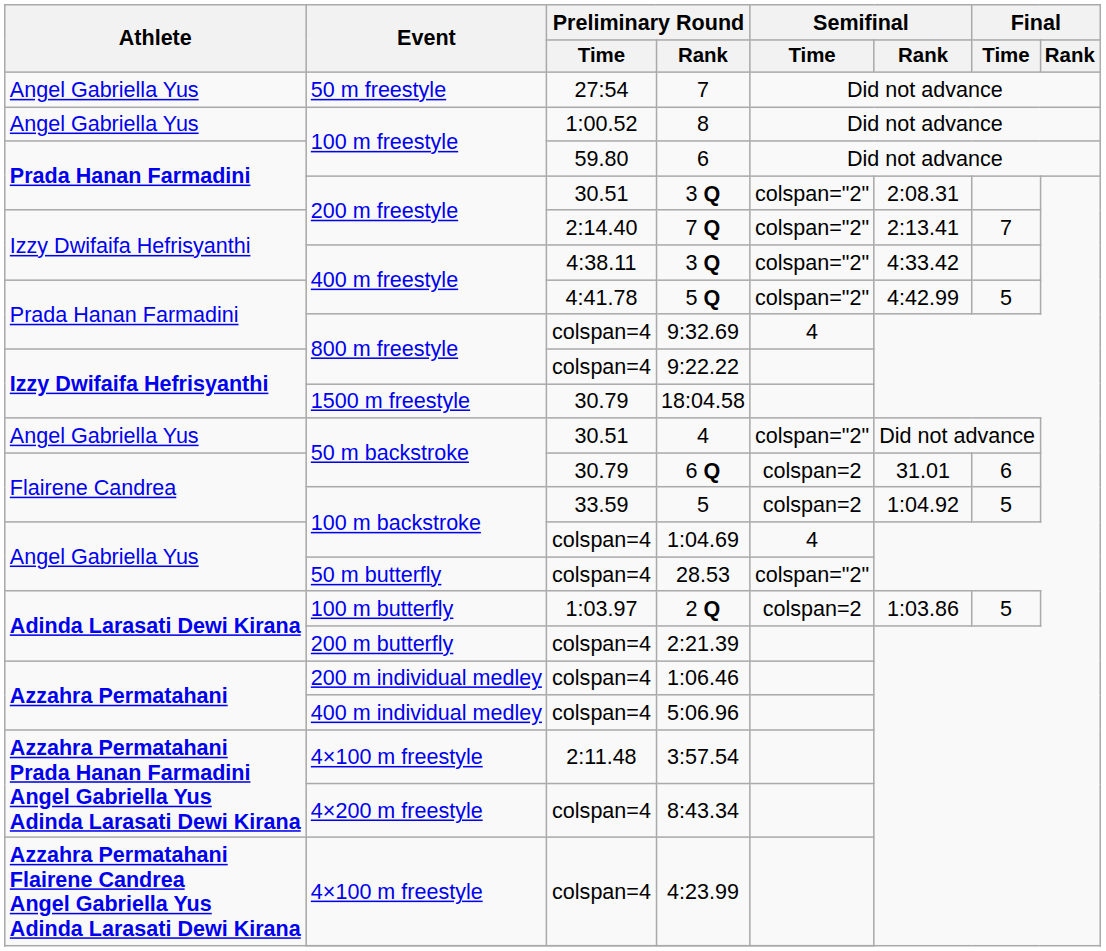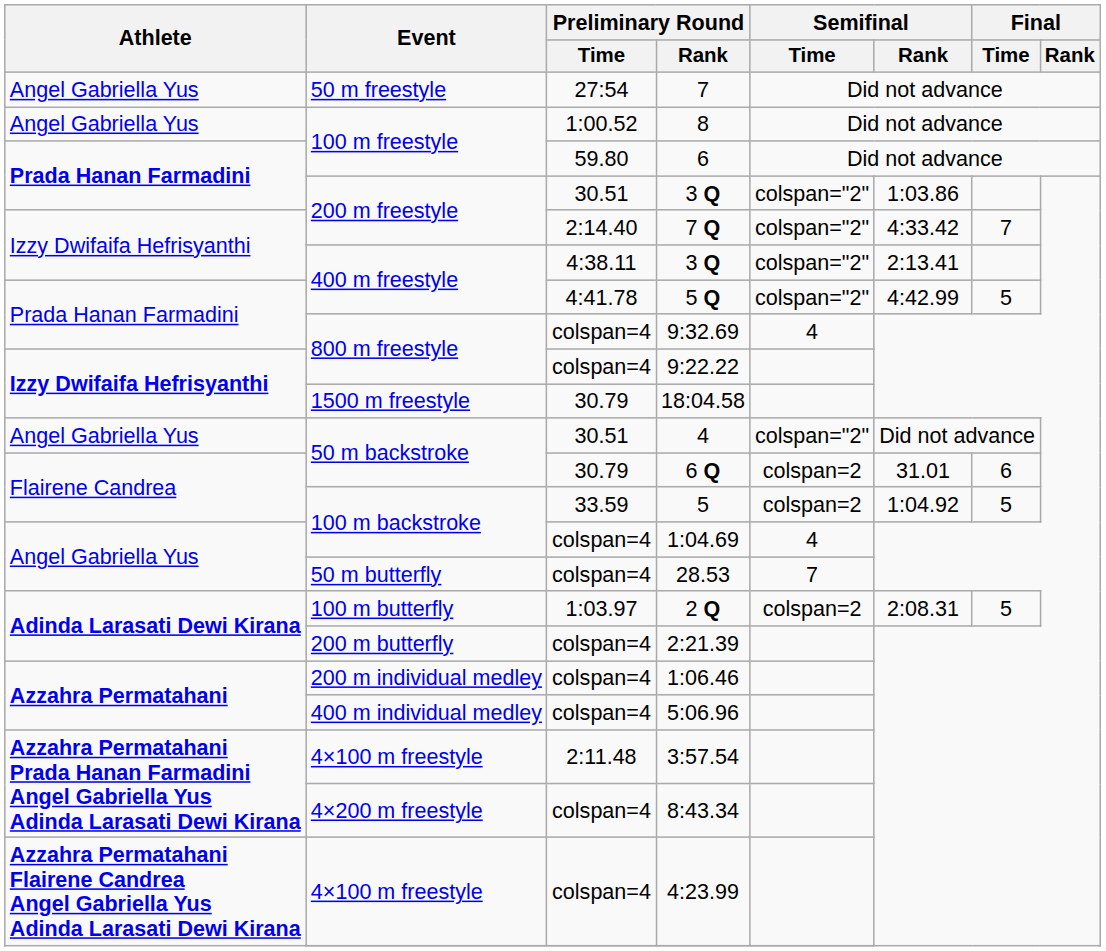 <table class=wikitable style=font-size:88%;text-align:center>
 <tr>
 <th rowspan=2>Athlete</th>
 <th rowspan=2>Event</th>
 <th colspan=2>Preliminary Round</th>
 <th colspan=2>Semifinal</th>
 <th colspan=2>Final</th>
 </tr>
 <tr style=font-size:95%>
 <th>Time</th>
 <th>Rank</th>
 <th>Time</th>
 <th>Rank</th>
 <th>Time</th>
 <th>Rank</th>
 </tr>
 <tr>
 <td align=left><a href='#'>Angel Gabriella Yus</a></td>
 <td align=left rowspan=1><a href='#'>50 m freestyle</a></td>
 <td>27:54</td>
 <td>7</td>
 <td colspan="4">Did not advance</td>
 </tr>
 <tr>
 <td align=left><a href='#'>Angel Gabriella Yus</a></td>
 <td align=left rowspan=2><a href='#'>100 m freestyle</a></td>
 <td>1:00.52</td>
 <td>8</td>
 <td colspan="4">Did not advance</td>
 </tr>
 <tr>
 <td align=left rowspan="2"><strong><a href='#'>Prada Hanan Farmadini</a></strong></td>
 <td>59.80</td>
 <td>6</td>
 <td colspan="4">Did not advance</td>
 </tr>
 <tr>
 <td align=left rowspan=2><a href='#'>200 m freestyle</a></td>
 <td>30.51</td>
 <td>3 <strong>Q</strong></td>
 <td>colspan="2" </td>
-<td>2:08.31</td>
+<td>1:03.86</td>
 <td></td>
 </tr>
 <tr>
 <td align=left rowspan="2"><a href='#'>Izzy Dwifaifa Hefrisyanthi</a></td>
 <td>2:14.40</td>
 <td>7 <strong>Q</strong></td>
 <td>colspan="2" </td>
-<td>2:13.41</td>
+<td>4:33.42</td>
 <td>7</td>
 </tr>
 <tr>
 <td align=left rowspan=2><a href='#'>400 m freestyle</a></td>
 <td>4:38.11</td>
 <td>3 <strong>Q</strong></td>
 <td>colspan="2" </td>
-<td>4:33.42</td>
+<td>2:13.41</td>
 <td></td>
 </tr>
 <tr>
 <td align=left rowspan="2"><a href='#'>Prada Hanan Farmadini</a></td>
 <td>4:41.78</td>
 <td>5 <strong>Q</strong></td>
 <td>colspan="2" </td>
 <td>4:42.99</td>
 <td>5</td>
 </tr>
 <tr>
 <td align=left rowspan=2><a href='#'>800 m freestyle</a></td>
 <td>colspan=4 </td>
 <td>9:32.69</td>
 <td>4</td>
 </tr>
 <tr>
 <td align=left rowspan="2"><strong><a href='#'>Izzy Dwifaifa Hefrisyanthi</a></strong></td>
 <td>colspan=4 </td>
 <td>9:22.22</td>
 <td></td>
 </tr>
 <tr>
 <td align=left rowspan=1><a href='#'>1500 m freestyle</a></td>
 <td>30.79</td>
 <td>18:04.58</td>
 <td></td>
 </tr>
 <tr>
 <td align=left><a href='#'>Angel Gabriella Yus</a></td>
 <td align=left rowspan=2><a href='#'>50 m backstroke</a></td>
 <td>30.51</td>
 <td>4</td>
 <td>colspan="2" </td>
 <td colspan="2">Did not advance</td>
 </tr>
 <tr>
 <td align=left rowspan="2"><a href='#'>Flairene Candrea</a></td>
 <td>30.79</td>
 <td>6 <strong>Q</strong></td>
 <td>colspan=2 </td>
 <td>31.01</td>
 <td>6</td>
 </tr>
 <tr>
 <td align=left rowspan=2><a href='#'>100 m backstroke</a></td>
 <td>33.59</td>
 <td>5</td>
 <td>colspan=2 </td>
 <td>1:04.92</td>
 <td>5</td>
 </tr>
 <tr>
 <td align=left rowspan="2"><a href='#'>Angel Gabriella Yus</a></td>
 <td>colspan=4 </td>
 <td>1:04.69</td>
 <td>4</td>
 </tr>
 <tr>
 <td align=left rowspan=1><a href='#'>50 m butterfly</a></td>
 <td>colspan=4 </td>
 <td>28.53</td>
-<td>colspan="2" </td>
+<td>7</td>
 </tr>
 <tr>
 <td align=left rowspan="2"><strong><a href='#'>Adinda Larasati Dewi Kirana</a></strong></td>
 <td align=left rowspan=1><a href='#'>100 m butterfly</a></td>
 <td>1:03.97</td>
 <td>2 <strong>Q</strong></td>
 <td>colspan=2 </td>
-<td>1:03.86</td>
+<td>2:08.31</td>
 <td>5</td>
 </tr>
 <tr>
 <td align=left rowspan=1><a href='#'>200 m butterfly</a></td>
 <td>colspan=4 </td>
 <td>2:21.39</td>
 <td></td>
 </tr>
 <tr>
 <td align=left rowspan="2"><strong><a href='#'>Azzahra Permatahani</a></strong></td>
 <td align=left rowspan="1"><a href='#'>200 m individual medley</a></td>
 <td>colspan=4 </td>
 <td>1:06.46</td>
 <td></td>
 </tr>
 <tr>
 <td align=left rowspan="1"><a href='#'>400 m individual medley</a></td>
 <td>colspan=4 </td>
 <td>5:06.96</td>
 <td></td>
 </tr>
 <tr>
 <td align=left rowspan="2"><strong><a href='#'>Azzahra Permatahani</a><br><a href='#'>Prada Hanan Farmadini</a><br><a href='#'>Angel Gabriella Yus</a><br><a href='#'>Adinda Larasati Dewi Kirana</a></strong></td>
 <td align=left rowspan="1"><a href='#'>4×100 m freestyle</a></td>
 <td>2:11.48</td>
 <td>3:57.54</td>
 <td></td>
 </tr>
 <tr>
 <td align=left rowspan="1"><a href='#'>4×200 m freestyle</a></td>
 <td>colspan=4 </td>
 <td>8:43.34</td>
 <td></td>
 </tr>
 <tr>
 <td align=left rowspan="2"><strong><a href='#'>Azzahra Permatahani</a><br><a href='#'>Flairene Candrea</a><br><a href='#'>Angel Gabriella Yus</a><br><a href='#'>Adinda Larasati Dewi Kirana</a></strong></td>
 <td align=left rowspan="1"><a href='#'>4×100 m freestyle</a></td>
 <td>colspan=4 </td>
 <td>4:23.99</td>
 <td></td>
 </tr>
 <tr>
 </tr>
 </table>
